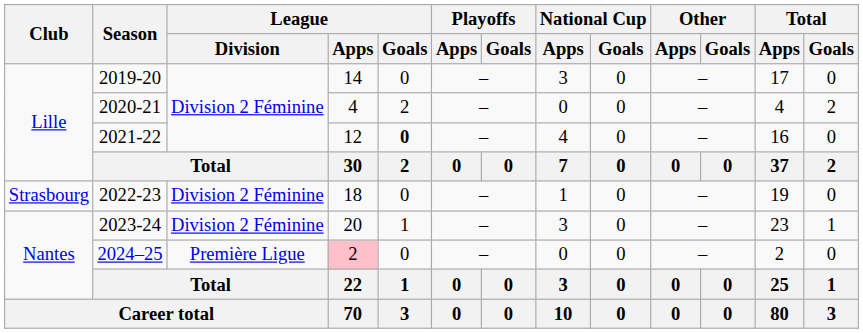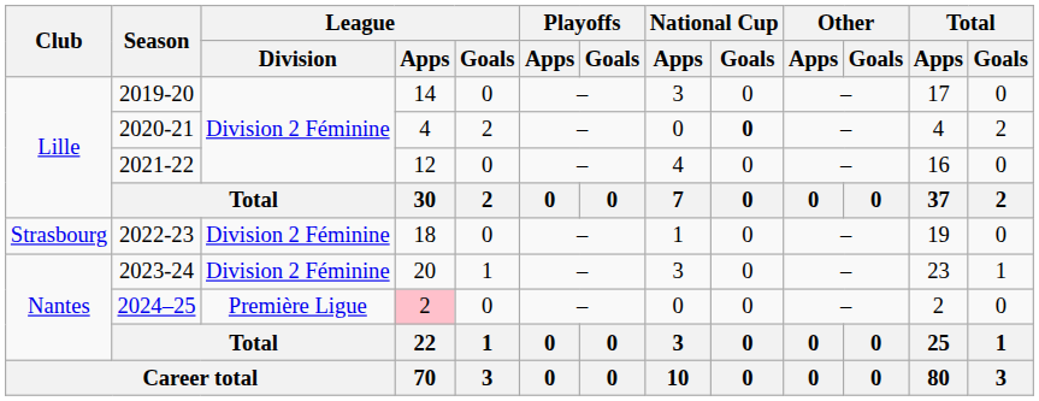 <table class="wikitable" style="text-align: center">
 <tr>
 <th rowspan="2">Club</th>
 <th rowspan="2">Season</th>
 <th colspan="3">League</th>
 <th colspan="2">Playoffs</th>
 <th colspan="2">National Cup</th>
 <th colspan="2">Other</th>
 <th colspan="2">Total</th>
 </tr>
 <tr>
 <th>Division</th>
 <th>Apps</th>
 <th>Goals</th>
 <th>Apps</th>
 <th>Goals</th>
 <th>Apps</th>
 <th>Goals</th>
 <th>Apps</th>
 <th>Goals</th>
 <th>Apps</th>
 <th>Goals</th>
 </tr>
 <tr>
 <td rowspan=4><a href='#'>Lille</a></td>
 <td>2019-20</td>
 <td rowspan=3><a href='#'>Division 2 Féminine</a></td>
 <td>14</td>
 <td>0</td>
 <td colspan="2">–</td>
 <td>3</td>
 <td>0</td>
 <td colspan="2">–</td>
 <td>17</td>
 <td>0</td>
 </tr>
 <tr>
 <td>2020-21</td>
 <td>4</td>
 <td>2</td>
 <td colspan="2">–</td>
 <td>0</td>
-<td>0</td>
+<td><strong>0</strong></td>
 <td colspan="2">–</td>
 <td>4</td>
 <td>2</td>
 </tr>
 <tr>
 <td>2021-22</td>
 <td>12</td>
-<td><strong>0</strong></td>
+<td>0</td>
 <td colspan="2">–</td>
 <td>4</td>
 <td>0</td>
 <td colspan="2">–</td>
 <td>16</td>
 <td>0</td>
 </tr>
 <tr>
 <th colspan="2"><strong>Total</strong></th>
 <th>30</th>
 <th>2</th>
 <th>0</th>
 <th>0</th>
 <th>7</th>
 <th>0</th>
 <th>0</th>
 <th>0</th>
 <th>37</th>
 <th>2</th>
 </tr>
 <tr>
 <td><a href='#'>Strasbourg</a></td>
 <td>2022-23</td>
 <td><a href='#'>Division 2 Féminine</a></td>
 <td>18</td>
 <td>0</td>
 <td colspan="2">–</td>
 <td>1</td>
 <td>0</td>
 <td colspan="2">–</td>
 <td>19</td>
 <td>0</td>
 </tr>
 <tr>
 <td rowspan=3><a href='#'>Nantes</a></td>
 <td>2023-24</td>
 <td><a href='#'>Division 2 Féminine</a></td>
 <td>20</td>
 <td>1</td>
 <td colspan="2">–</td>
 <td>3</td>
 <td>0</td>
 <td colspan="2">–</td>
 <td>23</td>
 <td>1</td>
 </tr>
 <tr>
 <td><a href='#'>2024–25</a></td>
 <td><a href='#'>Première Ligue</a></td>
 <td style="background: pink;">2</td>
 <td>0</td>
 <td colspan="2">–</td>
 <td>0</td>
 <td>0</td>
 <td colspan="2">–</td>
 <td>2</td>
 <td>0</td>
 </tr>
 <tr>
 <th colspan="2"><strong>Total</strong></th>
 <th>22</th>
 <th>1</th>
 <th>0</th>
 <th>0</th>
 <th>3</th>
 <th>0</th>
 <th>0</th>
 <th>0</th>
 <th>25</th>
 <th>1</th>
 </tr>
 <tr>
 <th colspan="3"><strong>Career total</strong></th>
 <th>70</th>
 <th>3</th>
 <th>0</th>
 <th>0</th>
 <th>10</th>
 <th>0</th>
 <th>0</th>
 <th>0</th>
 <th>80</th>
 <th>3</th>
 </tr>
 </table>
